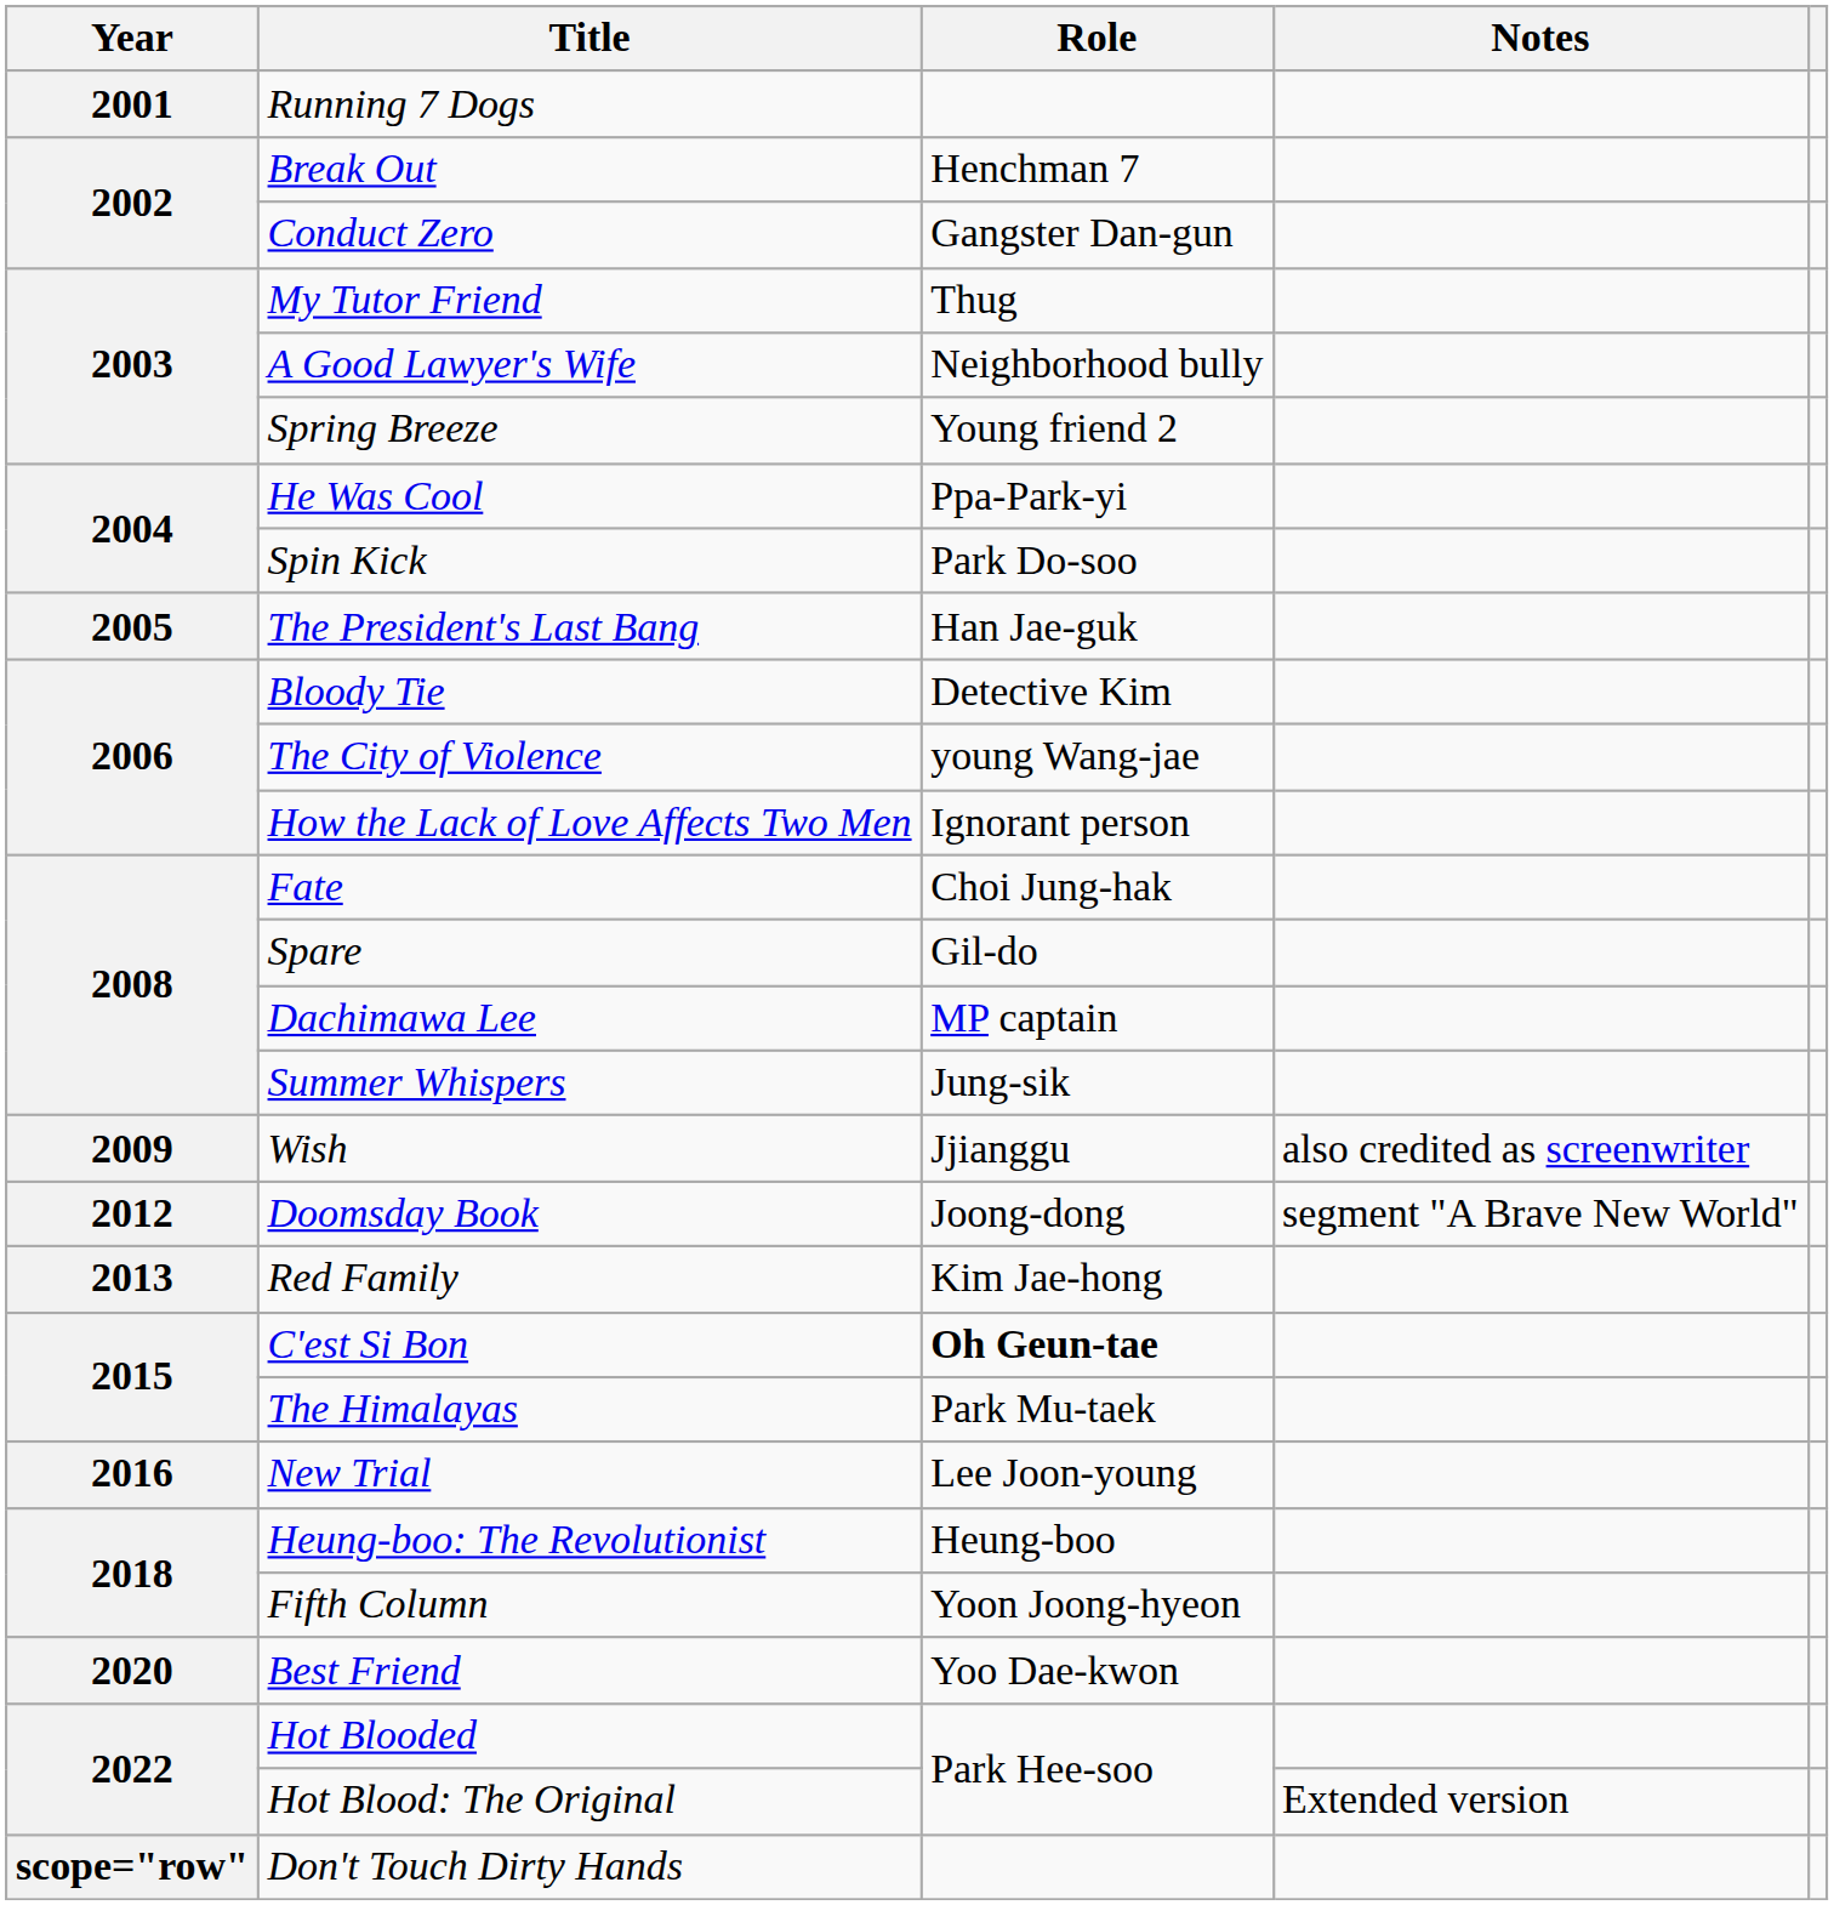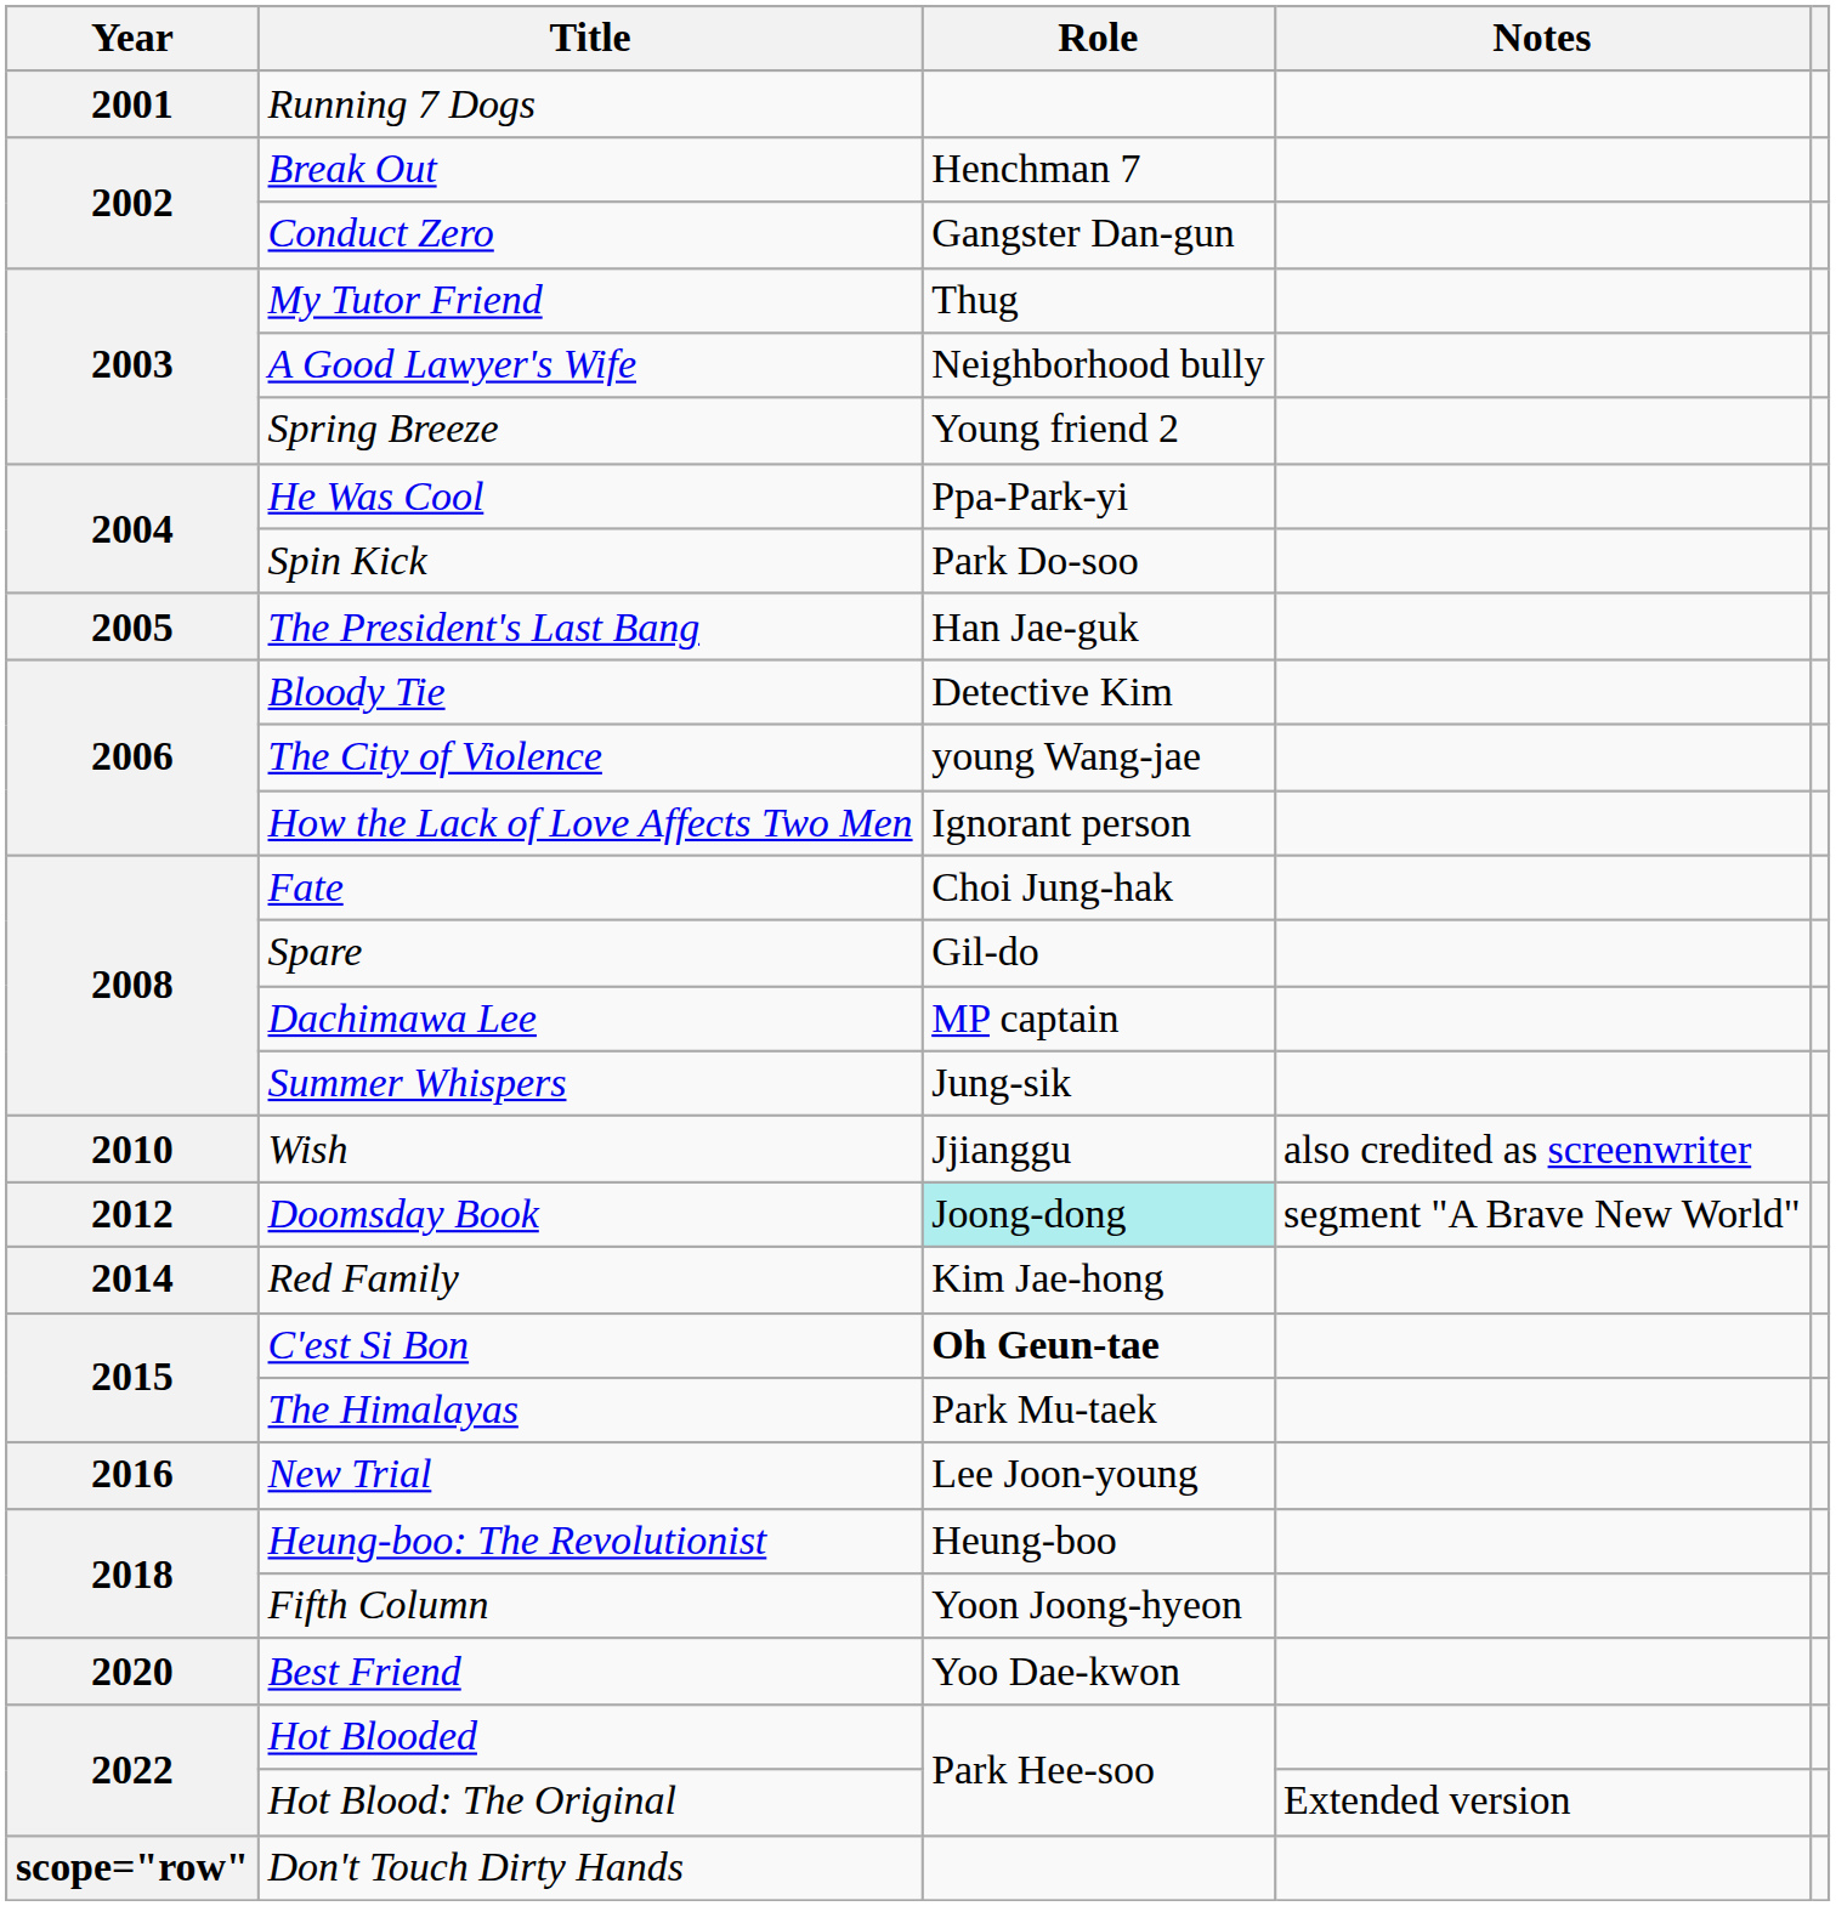 <table class="wikitable plainrowheaders sortable">
 <tr>
 <th scope="col">Year</th>
 <th scope="col">Title</th>
 <th scope="col">Role</th>
 <th scope="col" class="unsortable">Notes</th>
 <th scope="col" class="unsortable"></th>
 </tr>
 <tr>
 <th scope="row">2001</th>
 <td><em>Running 7 Dogs</em></td>
 <td></td>
 <td></td>
 <td style="text-align:center"></td>
 </tr>
 <tr>
 <th scope="row" rowspan="2">2002</th>
 <td><em><a href='#'>Break Out</a></em></td>
 <td>Henchman 7</td>
 <td></td>
 <td style="text-align:center"></td>
 </tr>
 <tr>
 <td><em><a href='#'>Conduct Zero</a></em></td>
 <td>Gangster Dan-gun</td>
 <td></td>
 <td style="text-align:center"></td>
 </tr>
 <tr>
 <th scope="row" rowspan="3">2003</th>
 <td><em><a href='#'>My Tutor Friend</a></em></td>
 <td>Thug</td>
 <td></td>
 <td style="text-align:center"></td>
 </tr>
 <tr>
 <td><em><a href='#'>A Good Lawyer's Wife</a></em></td>
 <td>Neighborhood bully</td>
 <td></td>
 <td style="text-align:center"></td>
 </tr>
 <tr>
 <td><em>Spring Breeze</em></td>
 <td>Young friend 2</td>
 <td></td>
 <td style="text-align:center"></td>
 </tr>
 <tr>
 <th scope="row" rowspan="2">2004</th>
 <td><em><a href='#'>He Was Cool</a></em></td>
 <td>Ppa-Park-yi</td>
 <td></td>
 <td style="text-align:center"></td>
 </tr>
 <tr>
 <td><em>Spin Kick</em></td>
 <td>Park Do-soo</td>
 <td></td>
 <td style="text-align:center"></td>
 </tr>
 <tr>
 <th scope="row">2005</th>
 <td><em><a href='#'>The President's Last Bang</a></em></td>
 <td>Han Jae-guk</td>
 <td></td>
 <td style="text-align:center"></td>
 </tr>
 <tr>
 <th scope="row" rowspan="3">2006</th>
 <td><em><a href='#'>Bloody Tie</a></em></td>
 <td>Detective Kim</td>
 <td></td>
 <td style="text-align:center"></td>
 </tr>
 <tr>
 <td><em><a href='#'>The City of Violence</a></em></td>
 <td>young Wang-jae</td>
 <td></td>
 <td style="text-align:center"></td>
 </tr>
 <tr>
 <td><em><a href='#'>How the Lack of Love Affects Two Men</a></em></td>
 <td>Ignorant person</td>
 <td></td>
 <td style="text-align:center"></td>
 </tr>
 <tr>
 <th scope="row" rowspan="4">2008</th>
 <td><em><a href='#'>Fate</a></em></td>
 <td>Choi Jung-hak</td>
 <td></td>
 <td style="text-align:center"></td>
 </tr>
 <tr>
 <td><em>Spare</em></td>
 <td>Gil-do</td>
 <td></td>
 <td style="text-align:center"></td>
 </tr>
 <tr>
 <td><em><a href='#'>Dachimawa Lee</a></em></td>
 <td><a href='#'>MP</a> captain</td>
 <td></td>
 <td style="text-align:center"></td>
 </tr>
 <tr>
 <td><em><a href='#'>Summer Whispers</a></em></td>
 <td>Jung-sik</td>
 <td></td>
 <td style="text-align:center"></td>
 </tr>
 <tr>
-<th scope="row">2009</th>
+<th scope="row">2010</th>
 <td><em>Wish</em></td>
 <td>Jjianggu</td>
 <td>also credited as <a href='#'>screenwriter</a></td>
 <td style="text-align:center"></td>
 </tr>
 <tr>
 <th scope="row">2012</th>
 <td><em><a href='#'>Doomsday Book</a></em></td>
-<td>Joong-dong</td>
+<td style="background: paleturquoise;">Joong-dong</td>
 <td>segment "A Brave New World"</td>
 <td style="text-align:center"></td>
 </tr>
 <tr>
-<th scope="row">2013</th>
+<th scope="row">2014</th>
 <td><em>Red Family</em></td>
 <td>Kim Jae-hong</td>
 <td></td>
 <td style="text-align:center"></td>
 </tr>
 <tr>
 <th scope="row" rowspan="2">2015</th>
 <td><em><a href='#'>C'est Si Bon</a></em></td>
 <td><strong>Oh Geun-tae</strong></td>
 <td></td>
 <td style="text-align:center"></td>
 </tr>
 <tr>
 <td><em><a href='#'>The Himalayas</a></em></td>
 <td>Park Mu-taek</td>
 <td></td>
 <td style="text-align:center"></td>
 </tr>
 <tr>
 <th scope="row">2016</th>
 <td><em><a href='#'>New Trial</a></em></td>
 <td>Lee Joon-young</td>
 <td></td>
 <td style="text-align:center"></td>
 </tr>
 <tr>
 <th scope="row" rowspan="2">2018</th>
 <td><em><a href='#'>Heung-boo: The Revolutionist</a></em></td>
 <td>Heung-boo</td>
 <td></td>
 <td style="text-align:center"></td>
 </tr>
 <tr>
 <td><em>Fifth Column</em></td>
 <td>Yoon Joong-hyeon</td>
 <td></td>
 <td style="text-align:center"></td>
 </tr>
 <tr>
 <th scope="row">2020</th>
 <td><em><a href='#'>Best Friend</a></em></td>
 <td>Yoo Dae-kwon</td>
 <td></td>
 <td style="text-align:center"></td>
 </tr>
 <tr>
 <th scope="row" rowspan="2">2022</th>
 <td><em><a href='#'>Hot Blooded</a></em></td>
 <td rowspan="2">Park Hee-soo</td>
 <td></td>
 <td style="text-align:center"></td>
 </tr>
 <tr>
 <td><em>Hot Blood: The Original</em></td>
 <td>Extended version</td>
 <td style="text-align:center"></td>
 </tr>
 <tr>
 <th>scope="row" </th>
 <td><em>Don't Touch Dirty Hands</em></td>
 <td></td>
 <td></td>
 <td style="text-align:center"></td>
 </tr>
 </table>
